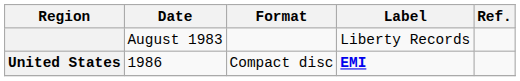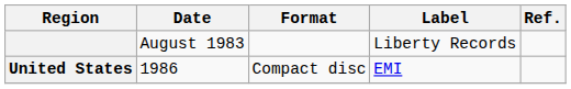 <table class="wikitable plainrowheaders">
 <tr>
 <th scope="col">Region</th>
 <th scope="col">Date</th>
 <th scope="col">Format</th>
 <th scope="col">Label</th>
 <th scope="col">Ref.</th>
 </tr>
 <tr>
 <th scope="row"></th>
 <td>August 1983</td>
 <td></td>
 <td>Liberty Records</td>
 <td></td>
 </tr>
 <tr>
 <th scope="row">United States</th>
 <td>1986</td>
 <td>Compact disc</td>
-<td><strong><a href='#'>EMI</a></strong></td>
+<td><a href='#'>EMI</a></td>
 <td></td>
 </tr>
 <tr>
 </tr>
 </table>
